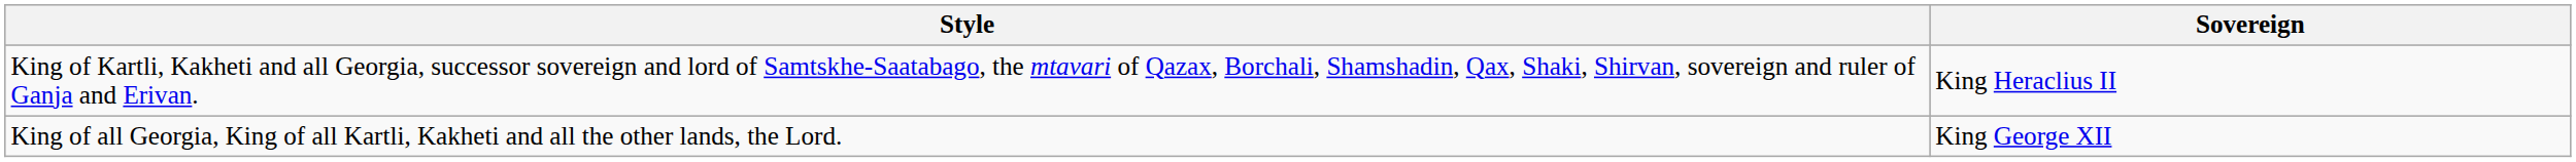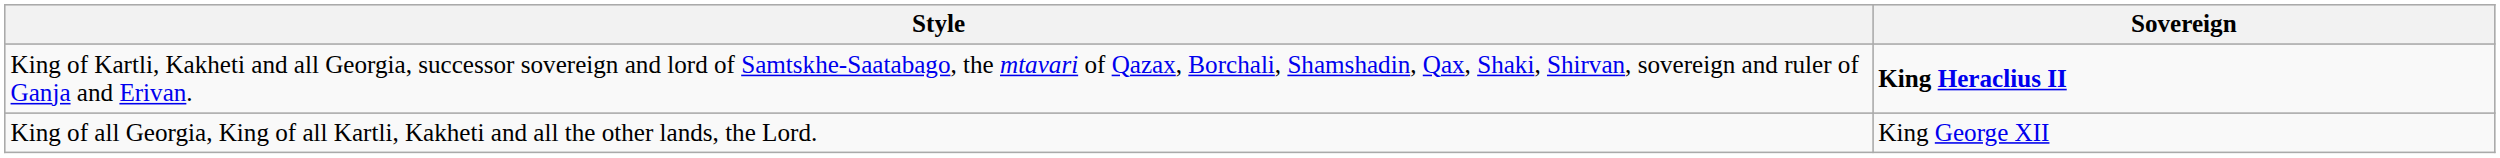 <table class="wikitable" width="80%">
 <tr>
 <th width="60%">Style</th>
 <th width="20%">Sovereign</th>
 </tr>
 <tr>
 <td>King of Kartli, Kakheti and all Georgia, successor sovereign and lord of <a href='#'>Samtskhe-Saatabago</a>, the <em><a href='#'>mtavari</a></em> of <a href='#'>Qazax</a>, <a href='#'>Borchali</a>, <a href='#'>Shamshadin</a>, <a href='#'>Qax</a>, <a href='#'>Shaki</a>, <a href='#'>Shirvan</a>, sovereign and ruler of <a href='#'>Ganja</a> and <a href='#'>Erivan</a>.</td>
-<td>King <a href='#'>Heraclius II</a></td>
+<td><strong>King <a href='#'>Heraclius II</a></strong></td>
 </tr>
 <tr>
 <td>King of all Georgia, King of all Kartli, Kakheti and all the other lands, the Lord.</td>
 <td>King <a href='#'>George XII</a></td>
 </tr>
 </table>
